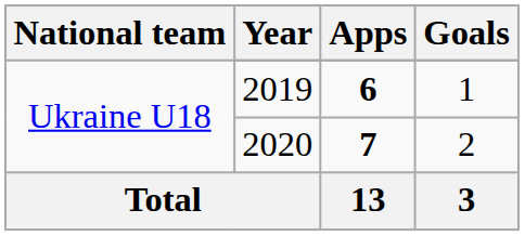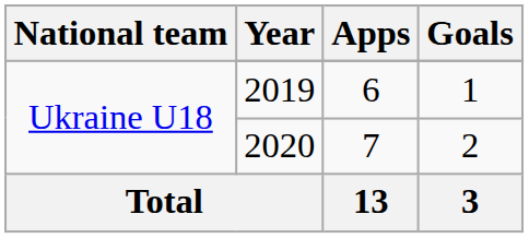 <table class=wikitable style=text-align:center>
 <tr>
 <th>National team</th>
 <th>Year</th>
 <th>Apps</th>
 <th>Goals</th>
 </tr>
 <tr>
 <td rowspan=3><a href='#'>Ukraine U18</a></td>
 </tr>
 <tr>
 <td>2019</td>
-<td><strong>6</strong></td>
+<td>6</td>
 <td>1</td>
 </tr>
 <tr>
 <td>2020</td>
-<td><strong>7</strong></td>
+<td>7</td>
 <td>2</td>
 </tr>
 <tr>
 <th colspan=2>Total</th>
 <th>13</th>
 <th>3</th>
 </tr>
 </table>
